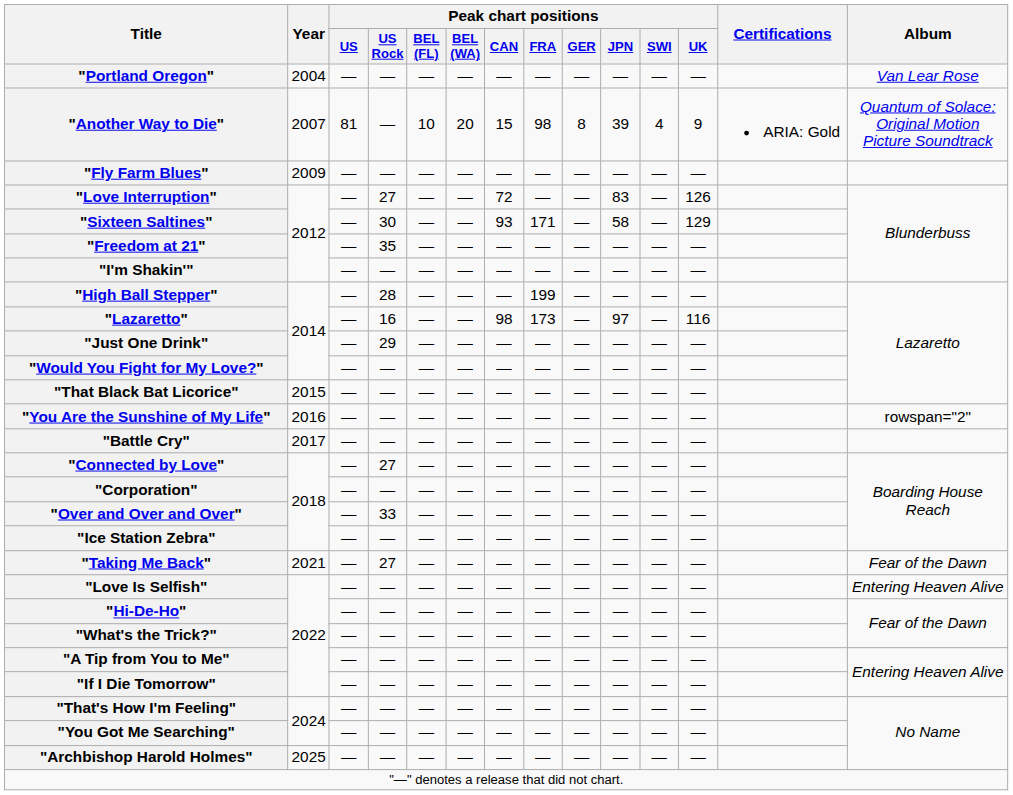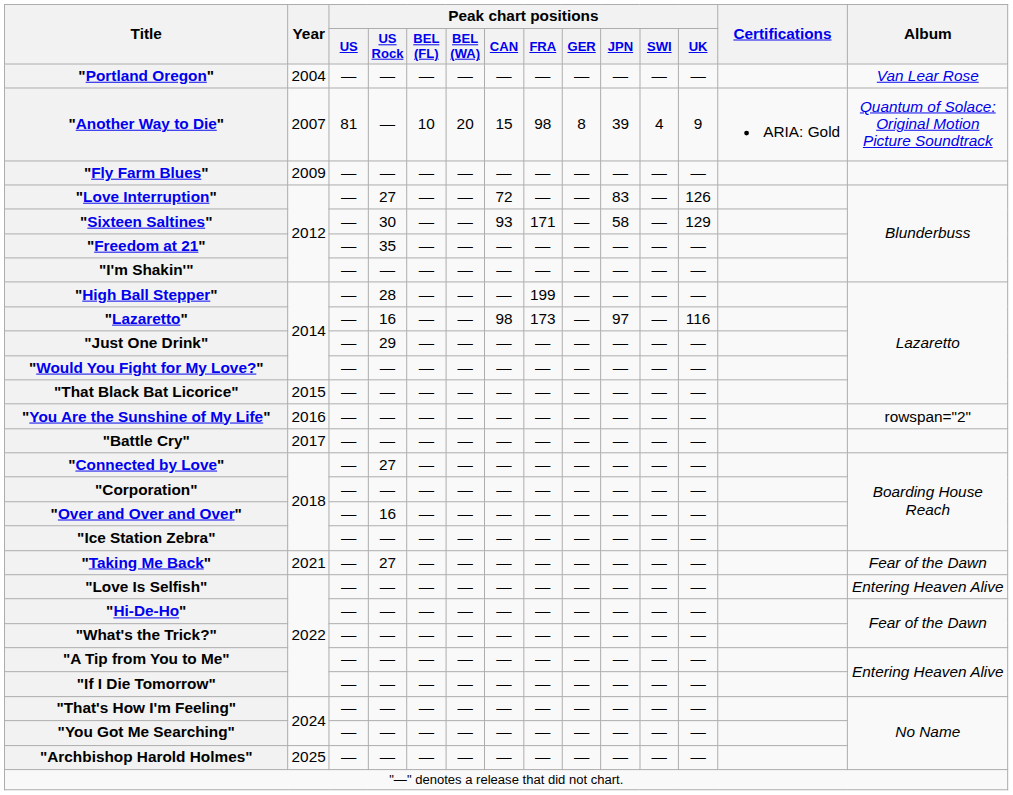 <table class="wikitable plainrowheaders" style="text-align:center;">
 <tr>
 <th scope="col" rowspan="2" style="width:18em;">Title</th>
 <th scope="col" rowspan="2" style="width:1em;">Year</th>
 <th scope="col" colspan="10">Peak chart positions</th>
 <th scope="col" rowspan="2" style="width:8em;"><a href='#'>Certifications</a></th>
 <th scope="col" rowspan="2" style="width:10em;">Album</th>
 </tr>
 <tr>
 <th style="width:2.5em;font-size:85%"><a href='#'>US</a><br></th>
 <th style="width:2.5em;font-size:85%"><a href='#'>US<br>Rock</a><br></th>
 <th style="width:2.5em;font-size:85%"><a href='#'>BEL<br>(FL)</a><br></th>
 <th style="width:2.5em;font-size:85%"><a href='#'>BEL<br>(WA)</a><br></th>
 <th style="width:2.5em;font-size:85%"><a href='#'>CAN</a><br></th>
 <th style="width:2.5em;font-size:85%"><a href='#'>FRA</a><br></th>
 <th style="width:2.5em;font-size:85%"><a href='#'>GER</a><br></th>
 <th style="width:2.5em;font-size:85%"><a href='#'>JPN</a><br></th>
 <th style="width:2.5em;font-size:85%"><a href='#'>SWI</a><br></th>
 <th style="width:2.5em;font-size:85%"><a href='#'>UK</a><br></th>
 </tr>
 <tr>
 <th scope="row">"<a href='#'>Portland Oregon</a>"<br></th>
 <td>2004</td>
 <td>—</td>
 <td>—</td>
 <td>—</td>
 <td>—</td>
 <td>—</td>
 <td>—</td>
 <td>—</td>
 <td>—</td>
 <td>—</td>
 <td>—</td>
 <td></td>
 <td><em><a href='#'>Van Lear Rose</a></em></td>
 </tr>
 <tr>
 <th scope="row">"<a href='#'>Another Way to Die</a>"<br></th>
 <td>2007</td>
 <td>81</td>
 <td>—</td>
 <td>10</td>
 <td>20</td>
 <td>15</td>
 <td>98</td>
 <td>8</td>
 <td>39</td>
 <td>4</td>
 <td>9</td>
 <td><br><ul><li>ARIA: Gold</li></ul></td>
 <td><a href='#'><em>Quantum of Solace: Original Motion Picture Soundtrack</em></a></td>
 </tr>
 <tr>
 <th scope="row">"<a href='#'>Fly Farm Blues</a>"</th>
 <td>2009</td>
 <td>—</td>
 <td>—</td>
 <td>—</td>
 <td>—</td>
 <td>—</td>
 <td>—</td>
 <td>—</td>
 <td>—</td>
 <td>—</td>
 <td>—</td>
 <td></td>
 <td></td>
 </tr>
 <tr>
 <th scope="row">"<a href='#'>Love Interruption</a>"</th>
 <td rowspan="4">2012</td>
 <td>—</td>
 <td>27</td>
 <td>—</td>
 <td>—</td>
 <td>72</td>
 <td>—</td>
 <td>—</td>
 <td>83</td>
 <td>—</td>
 <td>126</td>
 <td></td>
 <td rowspan="4"><em>Blunderbuss</em></td>
 </tr>
 <tr>
 <th scope="row">"<a href='#'>Sixteen Saltines</a>"</th>
 <td>—</td>
 <td>30</td>
 <td>—</td>
 <td>—</td>
 <td>93</td>
 <td>171</td>
 <td>—</td>
 <td>58</td>
 <td>—</td>
 <td>129</td>
 <td></td>
 </tr>
 <tr>
 <th scope="row">"<a href='#'>Freedom at 21</a>"</th>
 <td>—</td>
 <td>35</td>
 <td>—</td>
 <td>—</td>
 <td>—</td>
 <td>—</td>
 <td>—</td>
 <td>—</td>
 <td>—</td>
 <td>—</td>
 <td></td>
 </tr>
 <tr>
 <th scope="row">"I'm Shakin'"</th>
 <td>—</td>
 <td>—</td>
 <td>—</td>
 <td>—</td>
 <td>—</td>
 <td>—</td>
 <td>—</td>
 <td>—</td>
 <td>—</td>
 <td>—</td>
 <td></td>
 </tr>
 <tr>
 <th scope="row">"<a href='#'>High Ball Stepper</a>"</th>
 <td rowspan="4">2014</td>
 <td>—</td>
 <td>28</td>
 <td>—</td>
 <td>—</td>
 <td>—</td>
 <td>199</td>
 <td>—</td>
 <td>—</td>
 <td>—</td>
 <td>—</td>
 <td></td>
 <td rowspan="5"><em>Lazaretto</em></td>
 </tr>
 <tr>
 <th scope="row">"<a href='#'>Lazaretto</a>"</th>
 <td>—</td>
 <td>16</td>
 <td>—</td>
 <td>—</td>
 <td>98</td>
 <td>173</td>
 <td>—</td>
 <td>97</td>
 <td>—</td>
 <td>116</td>
 <td></td>
 </tr>
 <tr>
 <th scope="row">"Just One Drink"</th>
 <td>—</td>
 <td>29</td>
 <td>—</td>
 <td>—</td>
 <td>—</td>
 <td>—</td>
 <td>—</td>
 <td>—</td>
 <td>—</td>
 <td>—</td>
 <td></td>
 </tr>
 <tr>
 <th scope="row">"<a href='#'>Would You Fight for My Love?</a>"</th>
 <td>—</td>
 <td>—</td>
 <td>—</td>
 <td>—</td>
 <td>—</td>
 <td>—</td>
 <td>—</td>
 <td>—</td>
 <td>—</td>
 <td>—</td>
 <td></td>
 </tr>
 <tr>
 <th scope="row">"That Black Bat Licorice"</th>
 <td>2015</td>
 <td>—</td>
 <td>—</td>
 <td>—</td>
 <td>—</td>
 <td>—</td>
 <td>—</td>
 <td>—</td>
 <td>—</td>
 <td>—</td>
 <td>—</td>
 <td></td>
 </tr>
 <tr>
 <th scope="row">"<a href='#'>You Are the Sunshine of My Life</a>"<br></th>
 <td>2016</td>
 <td>—</td>
 <td>—</td>
 <td>—</td>
 <td>—</td>
 <td>—</td>
 <td>—</td>
 <td>—</td>
 <td>—</td>
 <td>—</td>
 <td>—</td>
 <td></td>
 <td>rowspan="2" </td>
 </tr>
 <tr>
 <th scope="row">"Battle Cry"</th>
 <td>2017</td>
 <td>—</td>
 <td>—</td>
 <td>—</td>
 <td>—</td>
 <td>—</td>
 <td>—</td>
 <td>—</td>
 <td>—</td>
 <td>—</td>
 <td>—</td>
 <td></td>
 </tr>
 <tr>
 <th scope="row">"<a href='#'>Connected by Love</a>"</th>
 <td rowspan="4">2018</td>
 <td>—</td>
 <td>27</td>
 <td>—</td>
 <td>—</td>
 <td>—</td>
 <td>—</td>
 <td>—</td>
 <td>—</td>
 <td>—</td>
 <td>—</td>
 <td></td>
 <td rowspan="4"><em>Boarding House Reach</em></td>
 </tr>
 <tr>
 <th scope="row">"Corporation"</th>
 <td>—</td>
 <td>—</td>
 <td>—</td>
 <td>—</td>
 <td>—</td>
 <td>—</td>
 <td>—</td>
 <td>—</td>
 <td>—</td>
 <td>—</td>
 <td></td>
 </tr>
 <tr>
 <th scope="row">"<a href='#'>Over and Over and Over</a>"</th>
 <td>—</td>
-<td>33</td>
+<td>16</td>
 <td>—</td>
 <td>—</td>
 <td>—</td>
 <td>—</td>
 <td>—</td>
 <td>—</td>
 <td>—</td>
 <td>—</td>
 <td></td>
 </tr>
 <tr>
 <th scope="row">"Ice Station Zebra"</th>
 <td>—</td>
 <td>—</td>
 <td>—</td>
 <td>—</td>
 <td>—</td>
 <td>—</td>
 <td>—</td>
 <td>—</td>
 <td>—</td>
 <td>—</td>
 <td></td>
 </tr>
 <tr>
 <th scope="row">"<a href='#'>Taking Me Back</a>"</th>
 <td>2021</td>
 <td>—</td>
 <td>27</td>
 <td>—</td>
 <td>—</td>
 <td>—</td>
 <td>—</td>
 <td>—</td>
 <td>—</td>
 <td>—</td>
 <td>—</td>
 <td></td>
 <td><em>Fear of the Dawn</em></td>
 </tr>
 <tr>
 <th scope="row">"Love Is Selfish"</th>
 <td rowspan="5">2022</td>
 <td>—</td>
 <td>—</td>
 <td>—</td>
 <td>—</td>
 <td>—</td>
 <td>—</td>
 <td>—</td>
 <td>—</td>
 <td>—</td>
 <td>—</td>
 <td></td>
 <td><em>Entering Heaven Alive</em></td>
 </tr>
 <tr>
 <th scope="row">"<a href='#'>Hi-De-Ho</a>"<br></th>
 <td>—</td>
 <td>—</td>
 <td>—</td>
 <td>—</td>
 <td>—</td>
 <td>—</td>
 <td>—</td>
 <td>—</td>
 <td>—</td>
 <td>—</td>
 <td></td>
 <td rowspan="2"><em>Fear of the Dawn</em></td>
 </tr>
 <tr>
 <th scope="row">"What's the Trick?"</th>
 <td>—</td>
 <td>—</td>
 <td>—</td>
 <td>—</td>
 <td>—</td>
 <td>—</td>
 <td>—</td>
 <td>—</td>
 <td>—</td>
 <td>—</td>
 <td></td>
 </tr>
 <tr>
 <th scope="row">"A Tip from You to Me"</th>
 <td>—</td>
 <td>—</td>
 <td>—</td>
 <td>—</td>
 <td>—</td>
 <td>—</td>
 <td>—</td>
 <td>—</td>
 <td>—</td>
 <td>—</td>
 <td></td>
 <td rowspan="2"><em>Entering Heaven Alive</em></td>
 </tr>
 <tr>
 <th scope="row">"If I Die Tomorrow"</th>
 <td>—</td>
 <td>—</td>
 <td>—</td>
 <td>—</td>
 <td>—</td>
 <td>—</td>
 <td>—</td>
 <td>—</td>
 <td>—</td>
 <td>—</td>
 <td></td>
 </tr>
 <tr>
 <th scope="row">"That's How I'm Feeling"</th>
 <td rowspan="2">2024</td>
 <td>—</td>
 <td>—</td>
 <td>—</td>
 <td>—</td>
 <td>—</td>
 <td>—</td>
 <td>—</td>
 <td>—</td>
 <td>—</td>
 <td>—</td>
 <td></td>
 <td rowspan="3"><em>No Name</em></td>
 </tr>
 <tr>
 <th scope="row">"You Got Me Searching"</th>
 <td>—</td>
 <td>—</td>
 <td>—</td>
 <td>—</td>
 <td>—</td>
 <td>—</td>
 <td>—</td>
 <td>—</td>
 <td>—</td>
 <td>—</td>
 <td></td>
 </tr>
 <tr>
 <th scope="row">"Archbishop Harold Holmes"</th>
 <td>2025</td>
 <td>—</td>
 <td>—</td>
 <td>—</td>
 <td>—</td>
 <td>—</td>
 <td>—</td>
 <td>—</td>
 <td>—</td>
 <td>—</td>
 <td>—</td>
 <td></td>
 </tr>
 <tr>
 <td colspan="15" style="font-size:85%">"—" denotes a release that did not chart.</td>
 </tr>
 </table>
